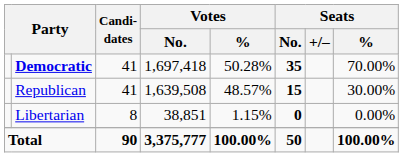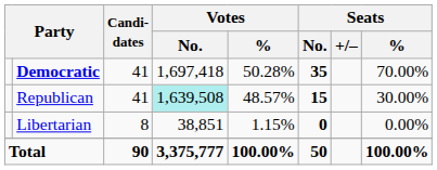 <table class="wikitable" style="font-size:100%; text-align:right;">
 <tr>
 <th colspan=2 rowspan=2>Party</th>
 <th rowspan=2><small>Candi-<br>dates</small></th>
 <th colspan=2>Votes</th>
 <th colspan=3>Seats</th>
 </tr>
 <tr>
 <th>No.</th>
 <th>%</th>
 <th>No.</th>
 <th>+/–</th>
 <th>%</th>
 </tr>
 <tr>
 <td style="background:"></td>
 <td align=left><a href='#'><strong>Democratic</strong></a></td>
 <td>41</td>
 <td>1,697,418</td>
 <td>50.28%</td>
 <td><strong>35</strong></td>
 <td></td>
 <td>70.00%</td>
 </tr>
 <tr>
 <td style="background:"></td>
 <td align=left><a href='#'>Republican</a></td>
 <td>41</td>
-<td>1,639,508</td>
+<td style="background: paleturquoise;">1,639,508</td>
 <td>48.57%</td>
 <td><strong>15</strong></td>
 <td></td>
 <td>30.00%</td>
 </tr>
 <tr>
 <td style="background:"></td>
 <td align=left><a href='#'>Libertarian</a></td>
 <td>8</td>
 <td>38,851</td>
 <td>1.15%</td>
 <td><strong>0</strong></td>
 <td></td>
 <td>0.00%</td>
 </tr>
 <tr>
 </tr>
 <tr style="font-weight:bold">
 <td colspan=2 align=left>Total</td>
 <td>90</td>
 <td>3,375,777</td>
 <td>100.00%</td>
 <td>50</td>
 <td></td>
 <td>100.00%</td>
 </tr>
 </table>
